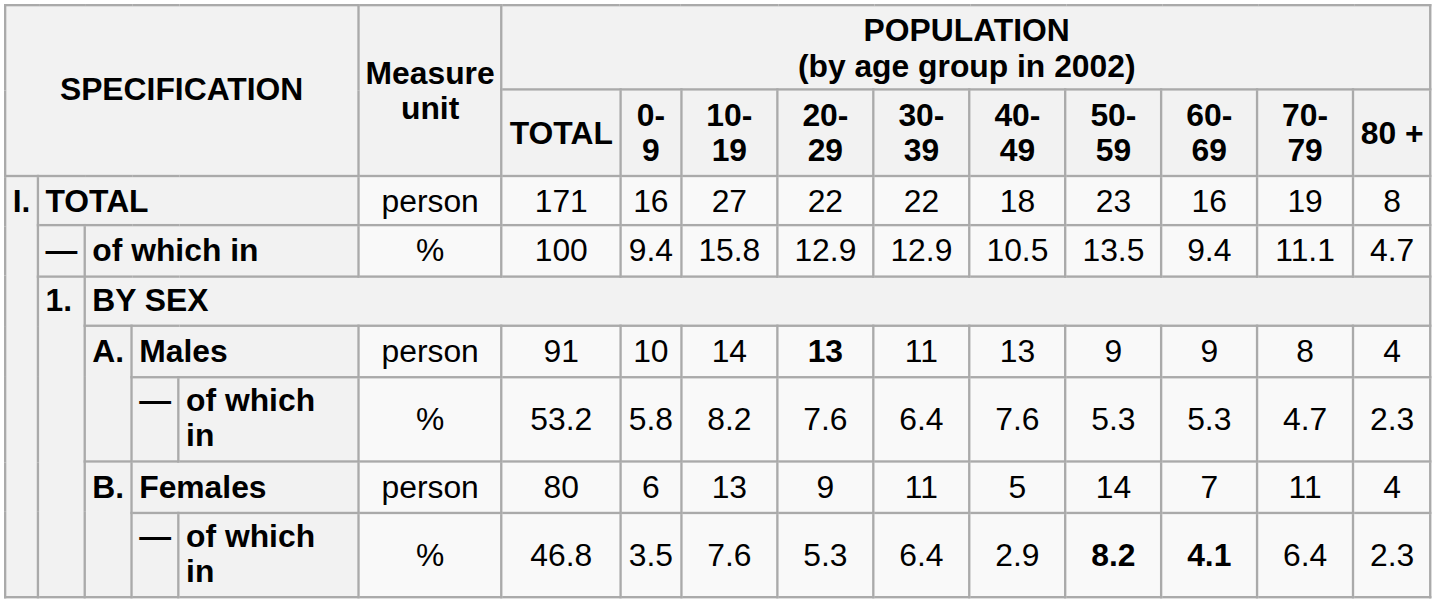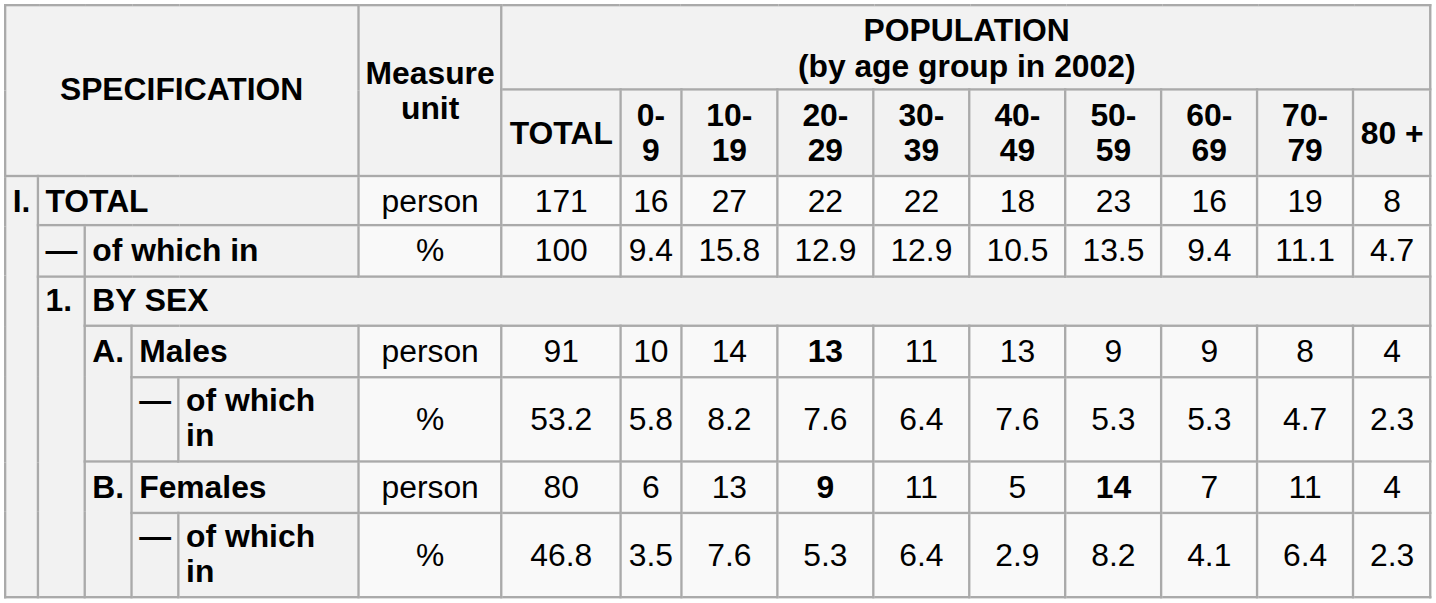 <table class="wikitable" style="font-size:85%; text-align:center">
 <tr>
 <th rowspan="2" colspan="5">SPECIFICATION</th>
 <th rowspan="2">Measure<br> unit</th>
 <th colspan="10" rowspan="1">POPULATION<br> (by age group in 2002)</th>
 </tr>
 <tr>
 <th>TOTAL</th>
 <th>0-9</th>
 <th>10-19</th>
 <th>20-29</th>
 <th>30-39</th>
 <th>40-49</th>
 <th>50-59</th>
 <th>60-69</th>
 <th>70-79</th>
 <th>80 +</th>
 </tr>
 <tr>
 <th style="text-align:left" valign="top" rowspan="7">I.</th>
 <th style="text-align:left" colspan="4">TOTAL</th>
 <td>person</td>
 <td>171</td>
 <td>16</td>
 <td>27</td>
 <td>22</td>
 <td>22</td>
 <td>18</td>
 <td>23</td>
 <td>16</td>
 <td>19</td>
 <td>8</td>
 </tr>
 <tr>
 <th style="text-align:left" valign="top">—</th>
 <th style="text-align:left" colspan="3">of which in</th>
 <td>%</td>
 <td>100</td>
 <td>9.4</td>
 <td>15.8</td>
 <td>12.9</td>
 <td>12.9</td>
 <td>10.5</td>
 <td>13.5</td>
 <td>9.4</td>
 <td>11.1</td>
 <td>4.7</td>
 </tr>
 <tr>
 <th style="text-align:left" valign="top" rowspan="5">1.</th>
 <th style="text-align:left" colspan="14">BY SEX</th>
 </tr>
 <tr>
 <th style="text-align:left" valign="top" rowspan="2">A.</th>
 <th style="text-align:left" colspan="2">Males</th>
 <td>person</td>
 <td>91</td>
 <td>10</td>
 <td>14</td>
 <td><strong>13</strong></td>
 <td>11</td>
 <td>13</td>
 <td>9</td>
 <td>9</td>
 <td>8</td>
 <td>4</td>
 </tr>
 <tr>
 <th style="text-align:left" valign="top">—</th>
 <th style="text-align:left" colspan="1">of which in</th>
 <td>%</td>
 <td>53.2</td>
 <td>5.8</td>
 <td>8.2</td>
 <td>7.6</td>
 <td>6.4</td>
 <td>7.6</td>
 <td>5.3</td>
 <td>5.3</td>
 <td>4.7</td>
 <td>2.3</td>
 </tr>
 <tr>
 <th style="text-align:left" valign="top" rowspan="2">B.</th>
 <th style="text-align:left" colspan="2">Females</th>
 <td>person</td>
 <td>80</td>
 <td>6</td>
 <td>13</td>
-<td>9</td>
+<td><strong>9</strong></td>
 <td>11</td>
 <td>5</td>
-<td>14</td>
+<td><strong>14</strong></td>
 <td>7</td>
 <td>11</td>
 <td>4</td>
 </tr>
 <tr>
 <th style="text-align:left" valign="top">—</th>
 <th style="text-align:left" colspan="1">of which in</th>
 <td>%</td>
 <td>46.8</td>
 <td>3.5</td>
 <td>7.6</td>
 <td>5.3</td>
 <td>6.4</td>
 <td>2.9</td>
-<td><strong>8.2</strong></td>
-<td><strong>4.1</strong></td>
+<td>8.2</td>
+<td>4.1</td>
 <td>6.4</td>
 <td>2.3</td>
 </tr>
 </table>
